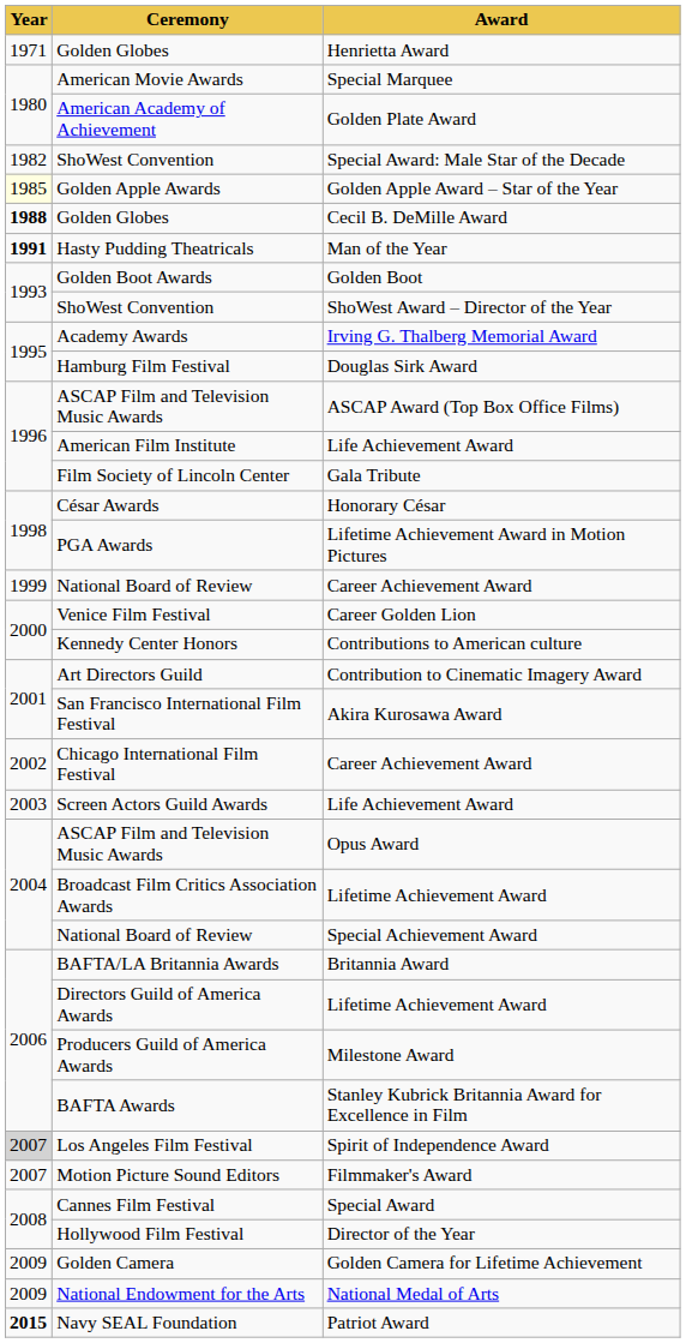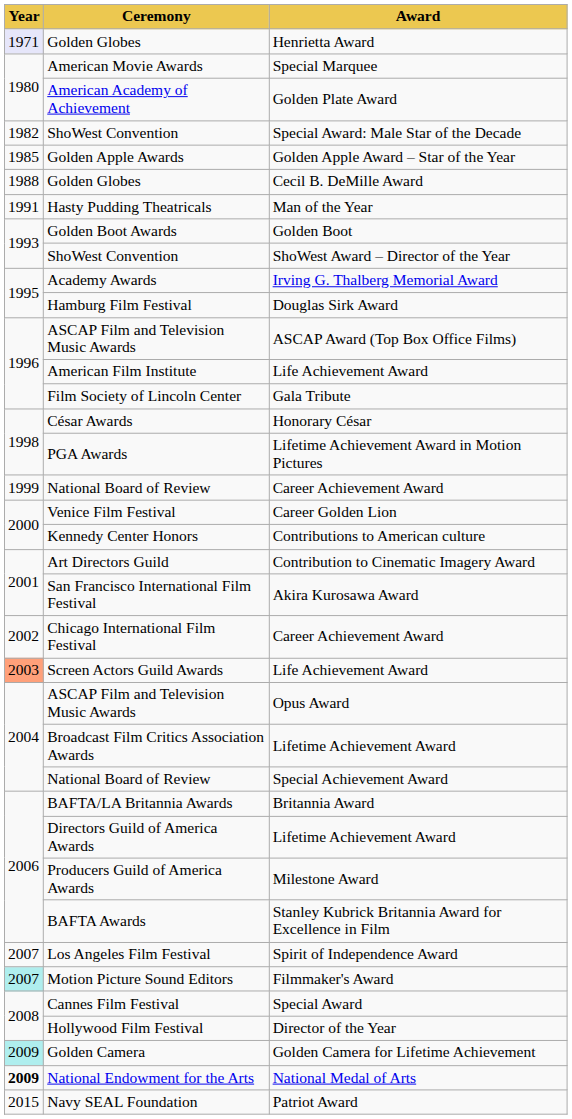 <table class="wikitable">
 <tr>
 <th style="width: 33px; background: #ecc850;">Year</th>
 <th style="width: 225px; background: #ecc850;">Ceremony</th>
 <th style="width: 300px; background: #ecc850;">Award</th>
 </tr>
 <tr>
-<td>1971</td>
+<td style="background: lavender;">1971</td>
 <td>Golden Globes</td>
 <td>Henrietta Award</td>
 </tr>
 <tr>
 <td rowspan="2">1980</td>
 <td>American Movie Awards</td>
 <td>Special Marquee</td>
 </tr>
 <tr>
 <td><a href='#'>American Academy of Achievement</a></td>
 <td>Golden Plate Award</td>
 </tr>
 <tr>
 <td>1982</td>
 <td>ShoWest Convention</td>
 <td>Special Award: Male Star of the Decade</td>
 </tr>
 <tr>
-<td style="background: lightyellow;">1985</td>
+<td>1985</td>
 <td>Golden Apple Awards</td>
 <td>Golden Apple Award – Star of the Year</td>
 </tr>
 <tr>
-<td><strong>1988</strong></td>
+<td>1988</td>
 <td>Golden Globes</td>
 <td>Cecil B. DeMille Award</td>
 </tr>
 <tr>
-<td><strong>1991</strong></td>
+<td>1991</td>
 <td>Hasty Pudding Theatricals</td>
 <td>Man of the Year</td>
 </tr>
 <tr>
 <td rowspan="2">1993</td>
 <td>Golden Boot Awards</td>
 <td>Golden Boot</td>
 </tr>
 <tr>
 <td>ShoWest Convention</td>
 <td>ShoWest Award – Director of the Year</td>
 </tr>
 <tr>
 <td rowspan="2">1995</td>
 <td>Academy Awards</td>
 <td><a href='#'>Irving G. Thalberg Memorial Award</a></td>
 </tr>
 <tr>
 <td>Hamburg Film Festival</td>
 <td>Douglas Sirk Award</td>
 </tr>
 <tr>
 <td rowspan="3">1996</td>
 <td>ASCAP Film and Television Music Awards</td>
 <td>ASCAP Award (Top Box Office Films)</td>
 </tr>
 <tr>
 <td>American Film Institute</td>
 <td>Life Achievement Award</td>
 </tr>
 <tr>
 <td>Film Society of Lincoln Center</td>
 <td>Gala Tribute</td>
 </tr>
 <tr>
 <td rowspan="2">1998</td>
 <td>César Awards</td>
 <td>Honorary César</td>
 </tr>
 <tr>
 <td>PGA Awards</td>
 <td>Lifetime Achievement Award in Motion Pictures</td>
 </tr>
 <tr>
 <td>1999</td>
 <td>National Board of Review</td>
 <td>Career Achievement Award</td>
 </tr>
 <tr>
 <td rowspan= 2>2000</td>
 <td>Venice Film Festival</td>
 <td>Career Golden Lion</td>
 </tr>
 <tr>
 <td>Kennedy Center Honors</td>
 <td>Contributions to American culture</td>
 </tr>
 <tr>
 <td rowspan="2">2001</td>
 <td>Art Directors Guild</td>
 <td>Contribution to Cinematic Imagery Award</td>
 </tr>
 <tr>
 <td>San Francisco International Film Festival</td>
 <td>Akira Kurosawa Award</td>
 </tr>
 <tr>
 <td>2002</td>
 <td>Chicago International Film Festival</td>
 <td>Career Achievement Award</td>
 </tr>
 <tr>
-<td>2003</td>
+<td style="background: lightsalmon;">2003</td>
 <td>Screen Actors Guild Awards</td>
 <td>Life Achievement Award</td>
 </tr>
 <tr>
 <td rowspan="3">2004</td>
 <td>ASCAP Film and Television Music Awards</td>
 <td>Opus Award</td>
 </tr>
 <tr>
 <td>Broadcast Film Critics Association Awards</td>
 <td>Lifetime Achievement Award</td>
 </tr>
 <tr>
 <td>National Board of Review</td>
 <td>Special Achievement Award</td>
 </tr>
 <tr>
 <td rowspan="4">2006</td>
 <td>BAFTA/LA Britannia Awards</td>
 <td>Britannia Award</td>
 </tr>
 <tr>
 <td>Directors Guild of America Awards</td>
 <td>Lifetime Achievement Award</td>
 </tr>
 <tr>
 <td>Producers Guild of America Awards</td>
 <td>Milestone Award</td>
 </tr>
 <tr>
 <td>BAFTA Awards</td>
 <td>Stanley Kubrick Britannia Award for Excellence in Film</td>
 </tr>
 <tr>
-<td style="background: lightgrey;">2007</td>
+<td>2007</td>
 <td>Los Angeles Film Festival</td>
 <td>Spirit of Independence Award</td>
 </tr>
 <tr>
-<td>2007</td>
+<td style="background: paleturquoise;">2007</td>
 <td>Motion Picture Sound Editors</td>
 <td>Filmmaker's Award</td>
 </tr>
 <tr>
 <td rowspan="2">2008</td>
 <td>Cannes Film Festival</td>
 <td>Special Award</td>
 </tr>
 <tr>
 <td>Hollywood Film Festival</td>
 <td>Director of the Year</td>
 </tr>
 <tr>
-<td>2009</td>
+<td style="background: paleturquoise;">2009</td>
 <td>Golden Camera</td>
 <td>Golden Camera for Lifetime Achievement</td>
 </tr>
 <tr>
-<td>2009</td>
+<td><strong>2009</strong></td>
 <td><a href='#'>National Endowment for the Arts</a></td>
 <td><a href='#'>National Medal of Arts</a></td>
 </tr>
 <tr>
-<td><strong>2015</strong></td>
+<td>2015</td>
 <td>Navy SEAL Foundation</td>
 <td>Patriot Award</td>
 </tr>
 </table>
